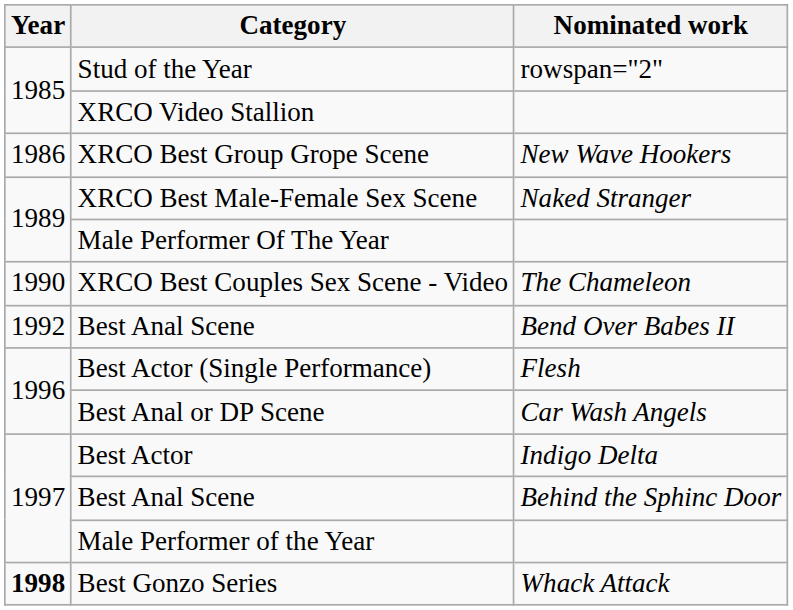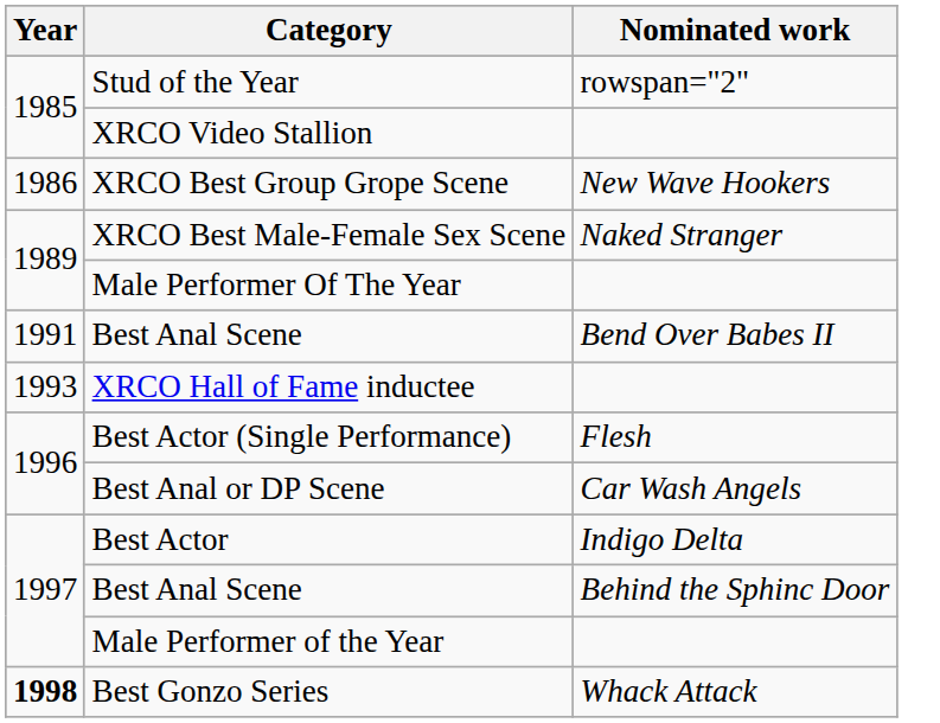 <table class="wikitable">
 <tr>
 <th>Year</th>
 <th>Category</th>
 <th>Nominated work</th>
 </tr>
 <tr>
 <td rowspan="2">1985</td>
 <td>Stud of the Year</td>
 <td>rowspan="2" </td>
 </tr>
 <tr>
 <td>XRCO Video Stallion</td>
 </tr>
 <tr>
 <td>1986</td>
 <td>XRCO Best Group Grope Scene</td>
 <td><em>New Wave Hookers</em></td>
 </tr>
 <tr>
 <td rowspan="2">1989</td>
 <td>XRCO Best Male-Female Sex Scene</td>
 <td><em>Naked Stranger</em></td>
 </tr>
 <tr>
 <td>Male Performer Of The Year</td>
 <td></td>
 </tr>
 <tr>
-<td>1990</td>
-<td>XRCO Best Couples Sex Scene - Video</td>
-<td><em>The Chameleon</em></td>
+<td>1991</td>
+<td>Best Anal Scene</td>
+<td><em>Bend Over Babes II</em></td>
 </tr>
 <tr>
-<td>1992</td>
-<td>Best Anal Scene</td>
-<td><em>Bend Over Babes II</em></td>
+<td>1993</td>
+<td><a href='#'>XRCO Hall of Fame</a> inductee</td>
+<td></td>
 </tr>
 <tr>
 <td rowspan="2">1996</td>
 <td>Best Actor (Single Performance)</td>
 <td><em>Flesh</em></td>
 </tr>
 <tr>
 <td>Best Anal or DP Scene</td>
 <td><em>Car Wash Angels</em></td>
 </tr>
 <tr>
 <td rowspan="3">1997</td>
 <td>Best Actor</td>
 <td><em>Indigo Delta</em></td>
 </tr>
 <tr>
 <td>Best Anal Scene</td>
 <td><em>Behind the Sphinc Door</em></td>
 </tr>
 <tr>
 <td>Male Performer of the Year</td>
 <td></td>
 </tr>
 <tr>
 <td><strong>1998</strong></td>
 <td>Best Gonzo Series</td>
 <td><em>Whack Attack</em></td>
 </tr>
 </table>
